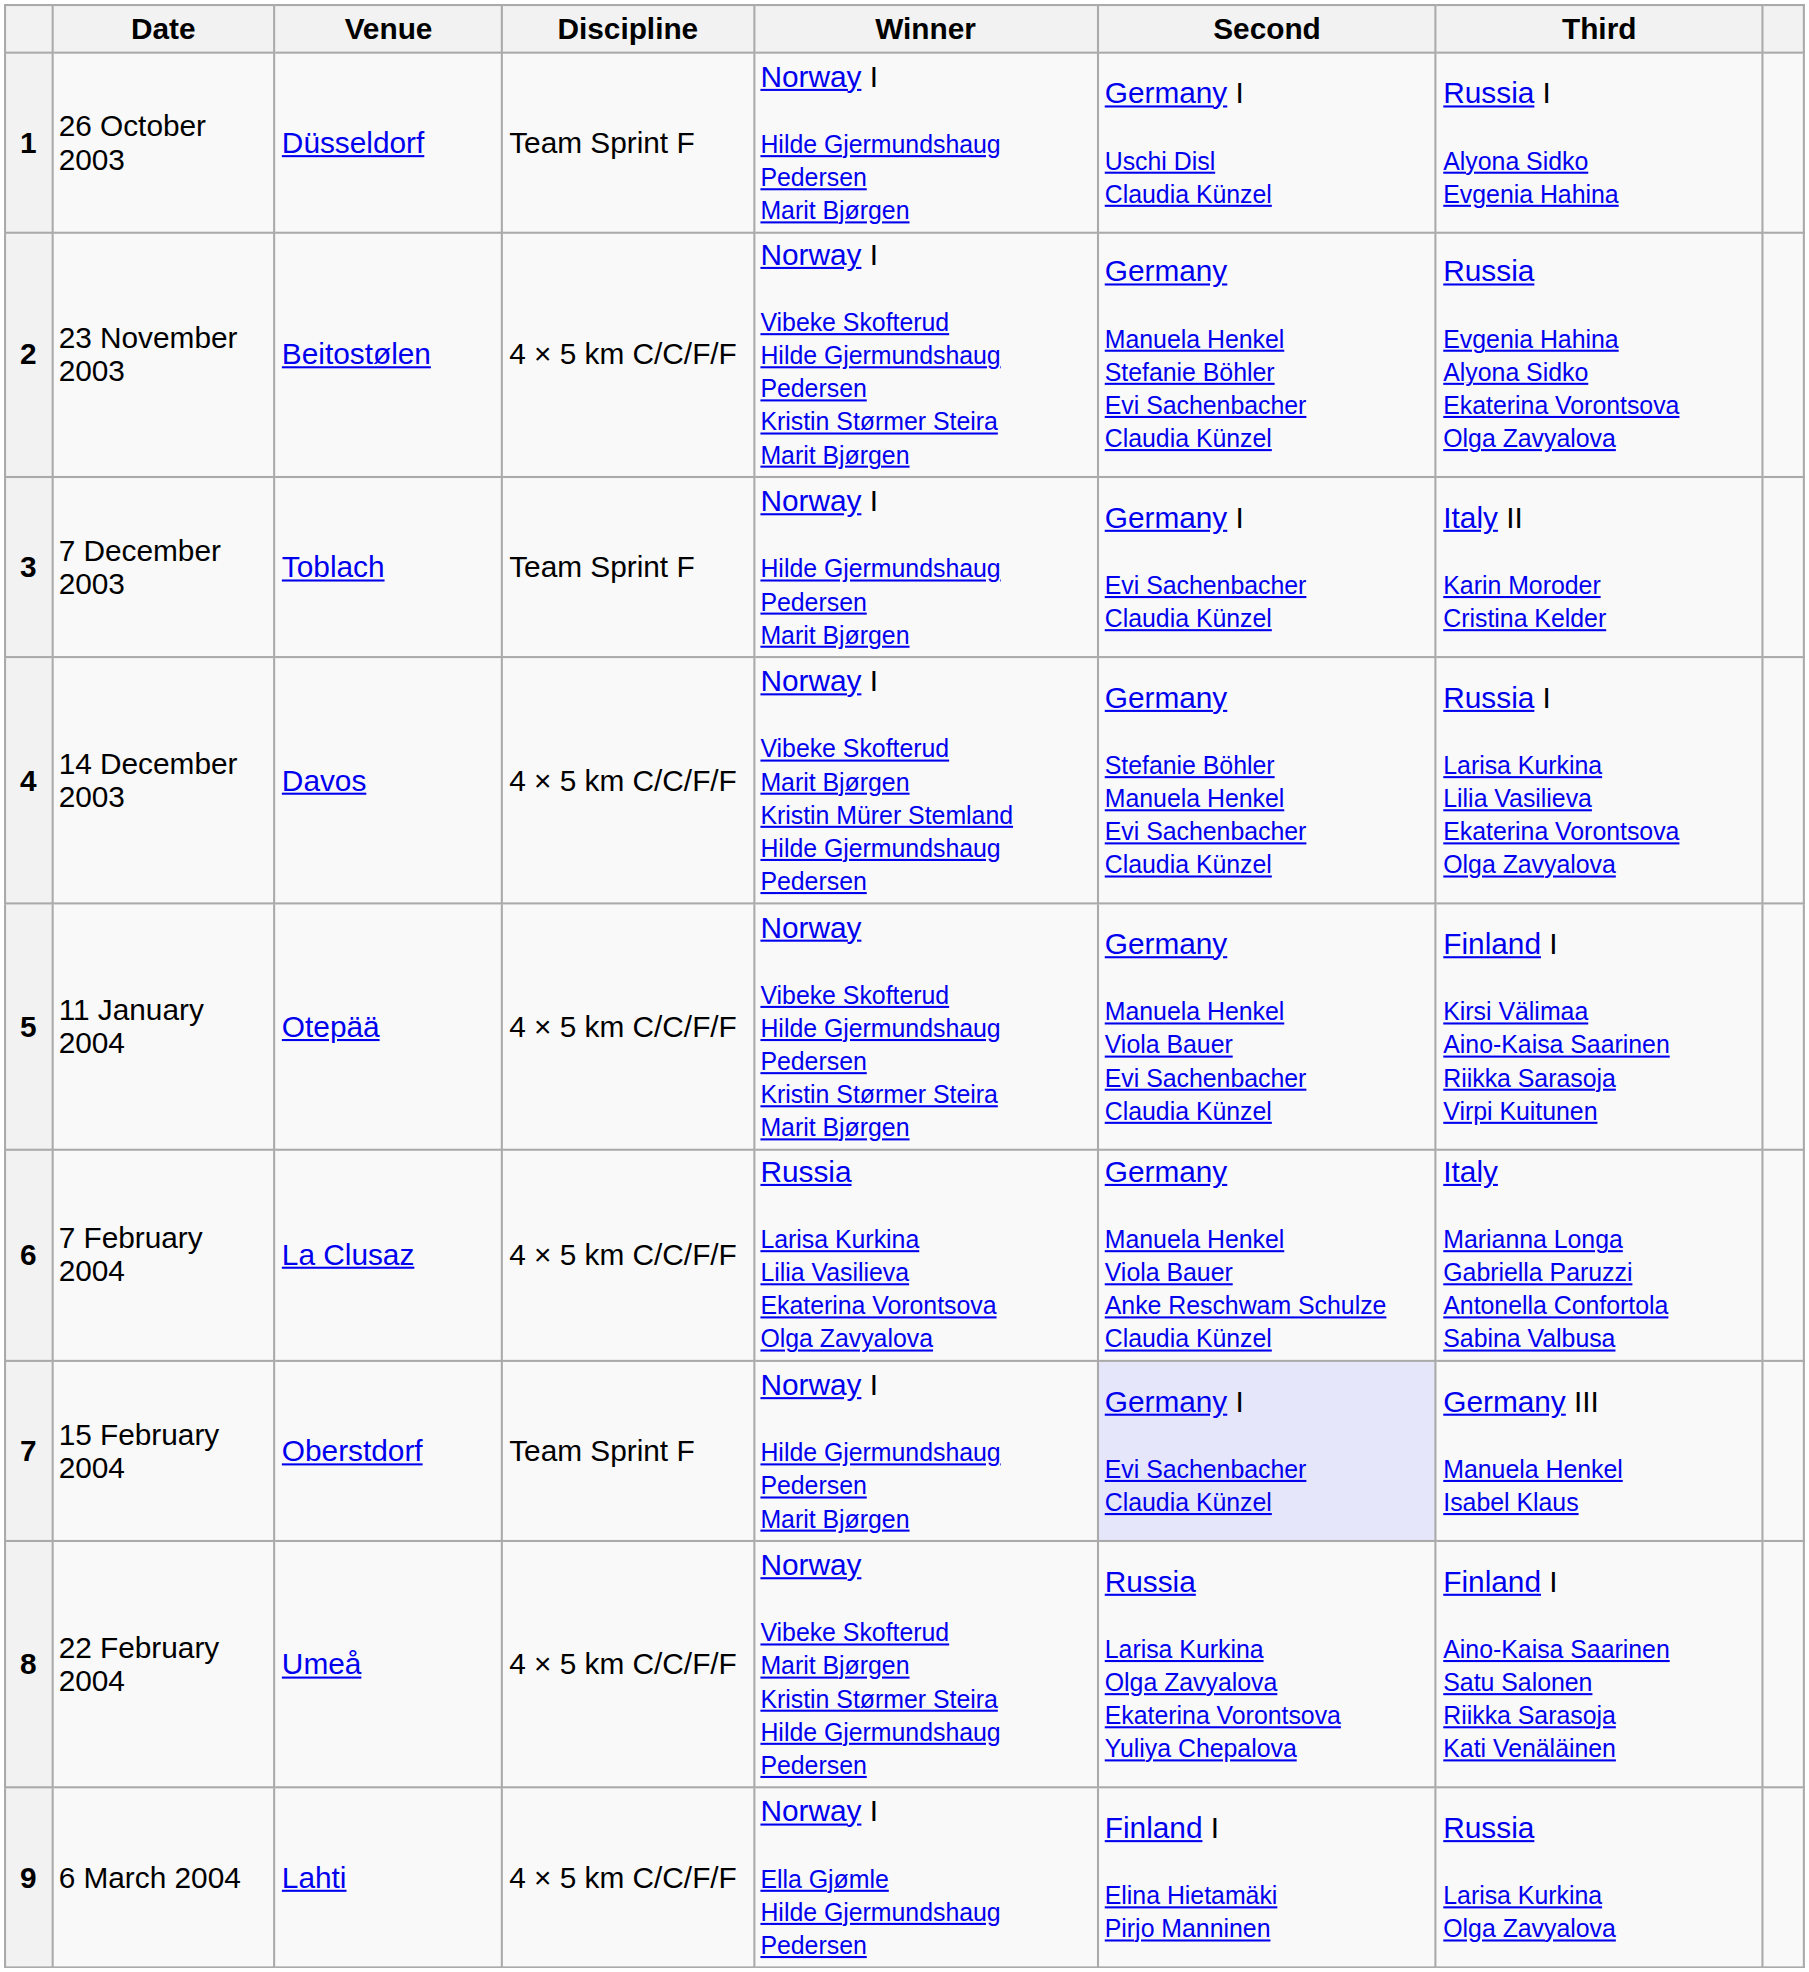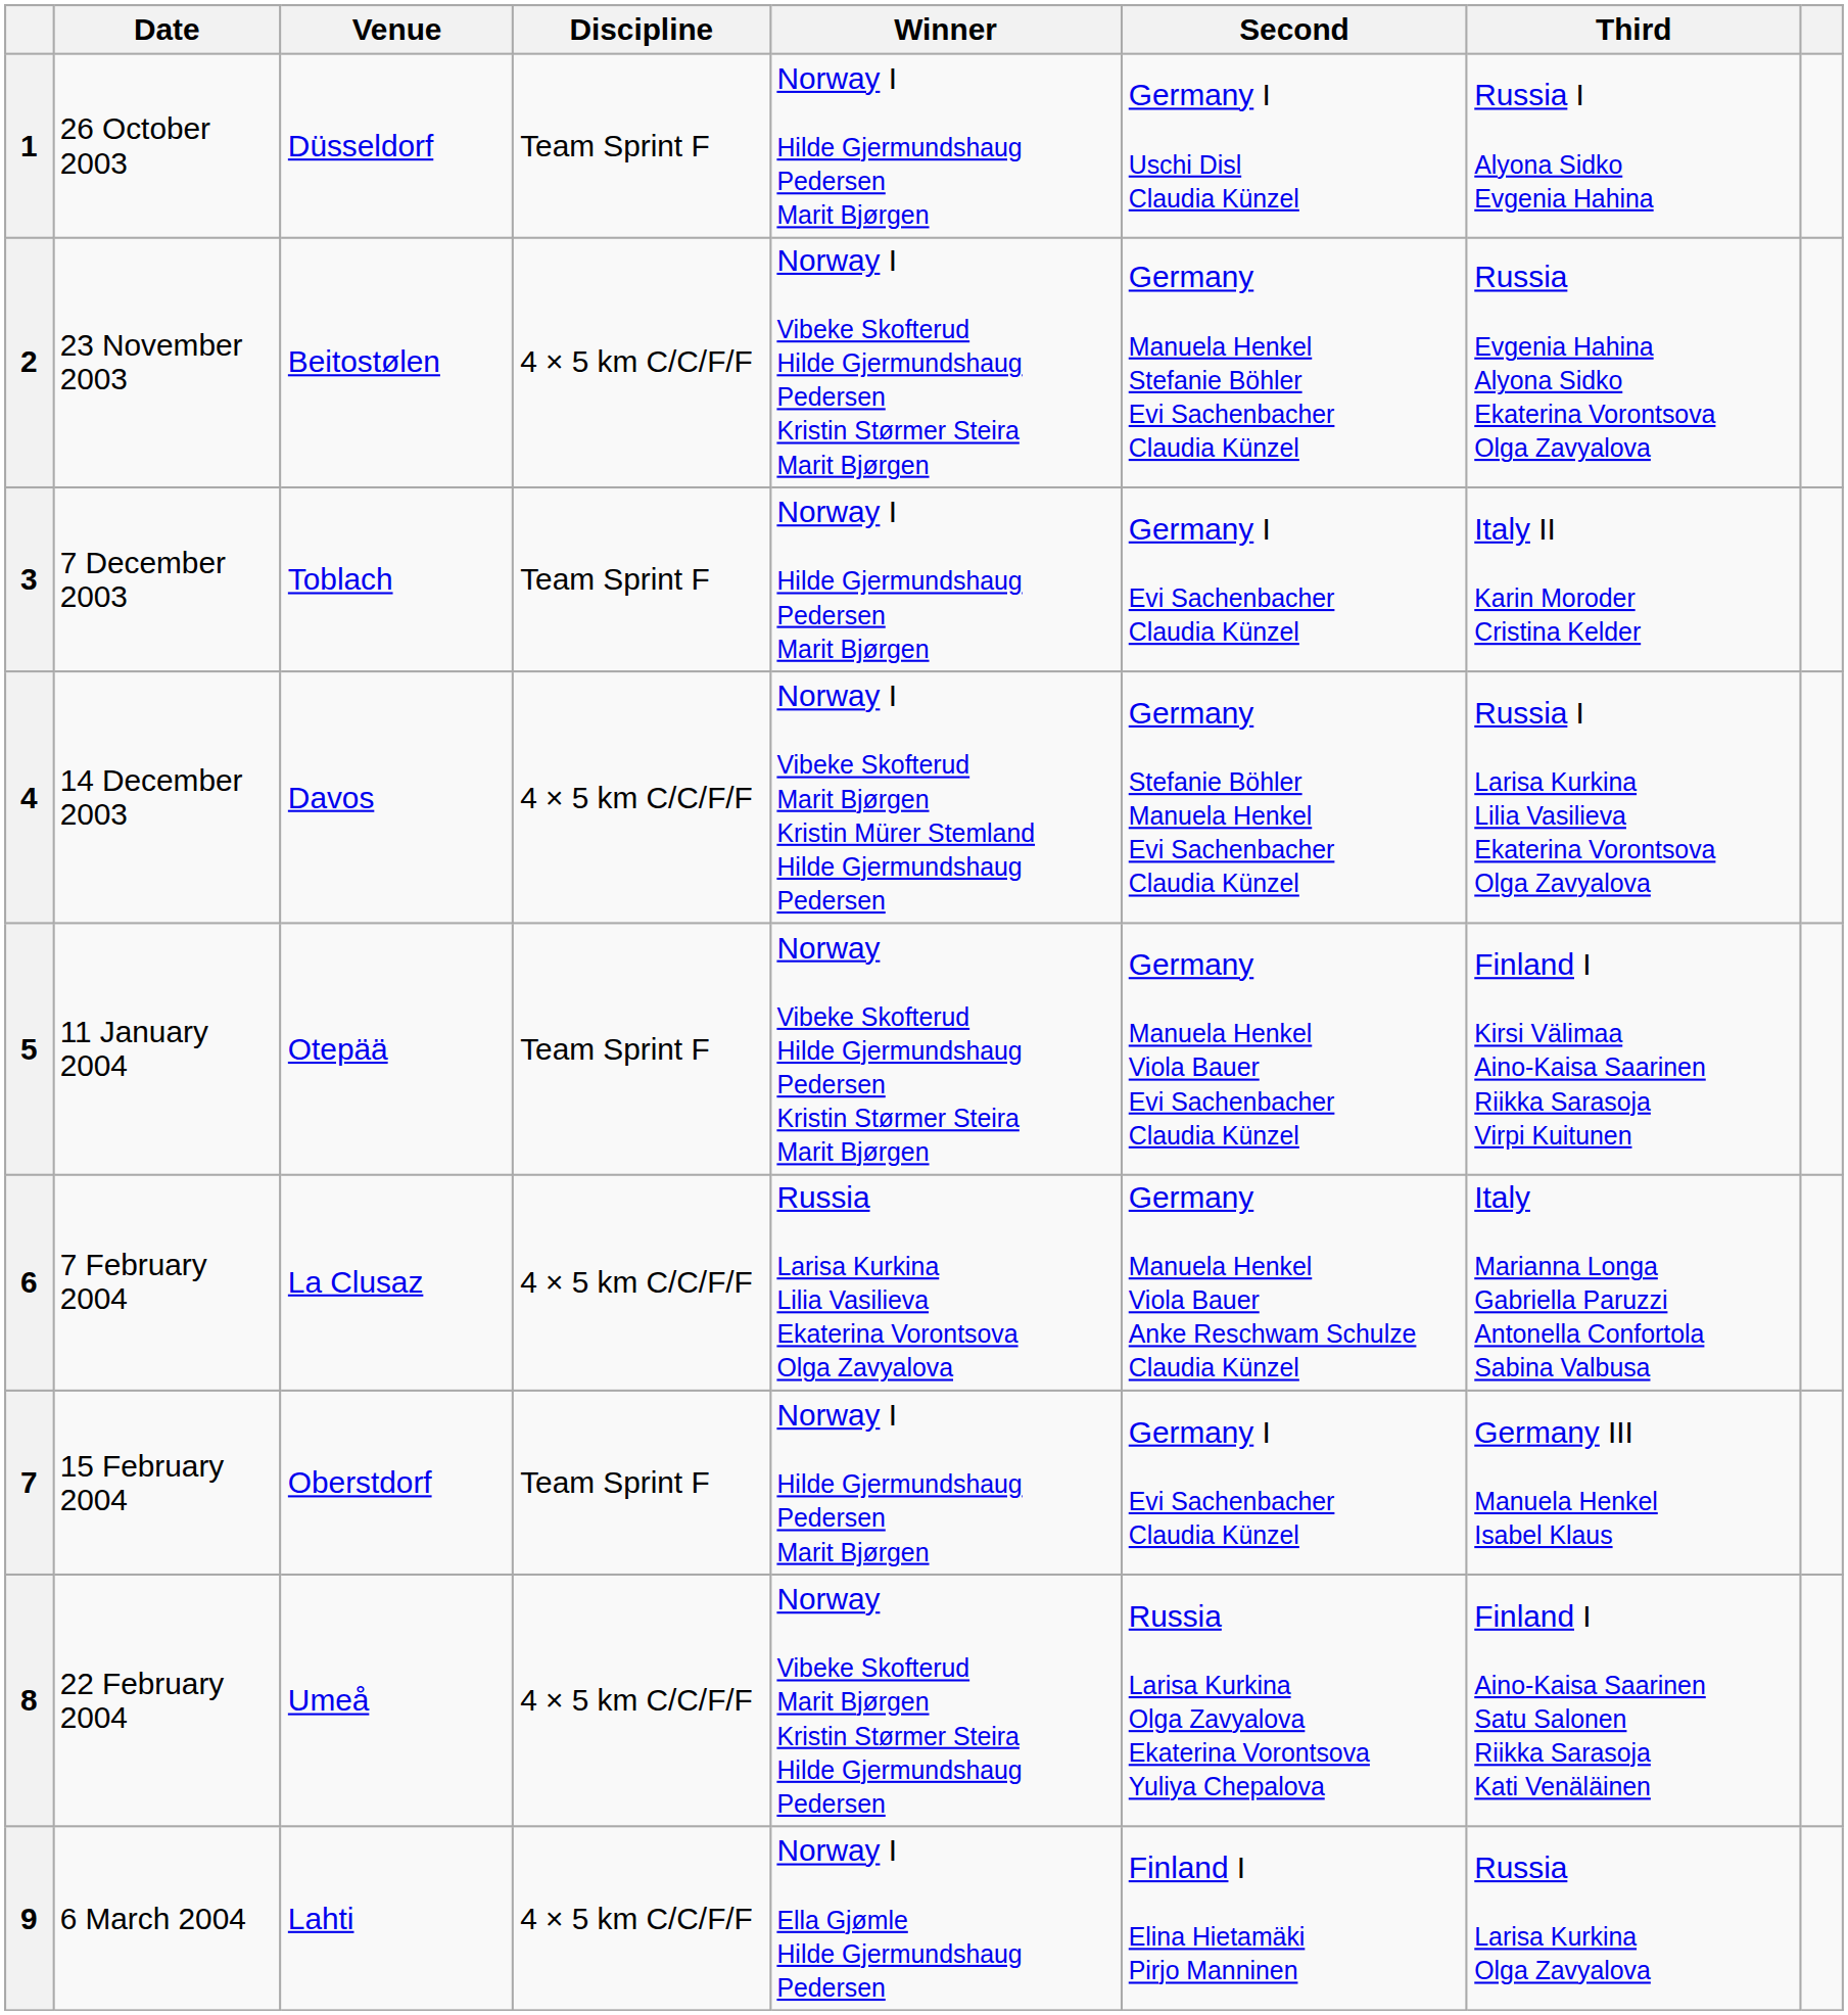 <table class="wikitable" style="font-size: 90%">
 <tr>
 <th width="20"></th>
 <th width="120">Date</th>
 <th width="120">Venue</th>
 <th width="140">Discipline</th>
 <th width="200">Winner</th>
 <th width="200">Second</th>
 <th width="200">Third</th>
 <th width="20"></th>
 </tr>
 <tr>
 <th>1</th>
 <td>26 October 2003</td>
 <td> <a href='#'>Düsseldorf</a></td>
 <td>Team Sprint F</td>
 <td> <a href='#'>Norway</a> I<br><br><small><a href='#'>Hilde Gjermundshaug Pedersen</a></small><br> <small><a href='#'>Marit Bjørgen</a></small></td>
 <td> <a href='#'>Germany</a> I<br><br><small><a href='#'>Uschi Disl</a></small><br> <small><a href='#'>Claudia Künzel</a></small></td>
 <td> <a href='#'>Russia</a> I<br><br><small><a href='#'>Alyona Sidko</a></small><br> <small><a href='#'>Evgenia Hahina</a></small></td>
 <td></td>
 </tr>
 <tr>
 <th>2</th>
 <td>23 November 2003</td>
 <td> <a href='#'>Beitostølen</a></td>
 <td>4 × 5 km C/C/F/F</td>
 <td> <a href='#'>Norway</a> I<br><br><small><a href='#'>Vibeke Skofterud</a></small><br> <small><a href='#'>Hilde Gjermundshaug Pedersen</a></small><br> <small><a href='#'>Kristin Størmer Steira</a></small><br> <small><a href='#'>Marit Bjørgen</a></small></td>
 <td> <a href='#'>Germany</a><br><br><small><a href='#'>Manuela Henkel</a></small><br> <small><a href='#'>Stefanie Böhler</a></small><br> <small><a href='#'>Evi Sachenbacher</a></small><br> <small><a href='#'>Claudia Künzel</a></small></td>
 <td> <a href='#'>Russia</a><br><br><small><a href='#'>Evgenia Hahina</a></small><br> <small><a href='#'>Alyona Sidko</a></small><br> <small><a href='#'>Ekaterina Vorontsova</a></small><br> <small><a href='#'>Olga Zavyalova</a></small></td>
 <td></td>
 </tr>
 <tr>
 <th>3</th>
 <td>7 December 2003</td>
 <td> <a href='#'>Toblach</a></td>
 <td>Team Sprint F</td>
 <td> <a href='#'>Norway</a> I<br><br><small><a href='#'>Hilde Gjermundshaug Pedersen</a></small><br> <small><a href='#'>Marit Bjørgen</a></small></td>
 <td> <a href='#'>Germany</a> I<br><br><small><a href='#'>Evi Sachenbacher</a></small><br> <small><a href='#'>Claudia Künzel</a></small></td>
 <td> <a href='#'>Italy</a> II<br><br><small><a href='#'>Karin Moroder</a></small><br> <small><a href='#'>Cristina Kelder</a></small></td>
 <td></td>
 </tr>
 <tr>
 <th>4</th>
 <td>14 December 2003</td>
 <td> <a href='#'>Davos</a></td>
 <td>4 × 5 km C/C/F/F</td>
 <td> <a href='#'>Norway</a> I<br><br><small><a href='#'>Vibeke Skofterud</a></small><br> <small><a href='#'>Marit Bjørgen</a></small><br> <small><a href='#'>Kristin Mürer Stemland</a></small><br> <small><a href='#'>Hilde Gjermundshaug Pedersen</a></small><br></td>
 <td> <a href='#'>Germany</a><br><br><small><a href='#'>Stefanie Böhler</a></small><br> <small><a href='#'>Manuela Henkel</a></small><br> <small><a href='#'>Evi Sachenbacher</a></small><br> <small><a href='#'>Claudia Künzel</a></small></td>
 <td> <a href='#'>Russia</a> I<br><br><small><a href='#'>Larisa Kurkina</a></small><br> <small><a href='#'>Lilia Vasilieva</a></small><br> <small><a href='#'>Ekaterina Vorontsova</a></small><br> <small><a href='#'>Olga Zavyalova</a></small></td>
 <td></td>
 </tr>
 <tr>
 <th>5</th>
 <td>11 January 2004</td>
 <td> <a href='#'>Otepää</a></td>
-<td>4 × 5 km C/C/F/F</td>
+<td>Team Sprint F</td>
 <td> <a href='#'>Norway</a> <br><br><small><a href='#'>Vibeke Skofterud</a></small><br> <small><a href='#'>Hilde Gjermundshaug Pedersen</a></small><br> <small><a href='#'>Kristin Størmer Steira</a></small><br> <small><a href='#'>Marit Bjørgen</a></small></td>
 <td> <a href='#'>Germany</a><br><br><small><a href='#'>Manuela Henkel</a></small><br> <small><a href='#'>Viola Bauer</a></small><br> <small><a href='#'>Evi Sachenbacher</a></small><br> <small><a href='#'>Claudia Künzel</a></small></td>
 <td> <a href='#'>Finland</a> I<br><br><small><a href='#'>Kirsi Välimaa</a></small><br> <small><a href='#'>Aino-Kaisa Saarinen</a></small><br> <small><a href='#'>Riikka Sarasoja</a></small><br> <small><a href='#'>Virpi Kuitunen</a></small></td>
 <td></td>
 </tr>
 <tr>
 <th>6</th>
 <td>7 February 2004</td>
 <td> <a href='#'>La Clusaz</a></td>
 <td>4 × 5 km C/C/F/F</td>
 <td> <a href='#'>Russia</a><br><br><small><a href='#'>Larisa Kurkina</a></small><br> <small><a href='#'>Lilia Vasilieva</a></small><br> <small><a href='#'>Ekaterina Vorontsova</a></small><br> <small><a href='#'>Olga Zavyalova</a></small></td>
 <td> <a href='#'>Germany</a><br><br><small><a href='#'>Manuela Henkel</a></small><br> <small><a href='#'>Viola Bauer</a></small><br> <small><a href='#'>Anke Reschwam Schulze</a></small><br> <small><a href='#'>Claudia Künzel</a></small></td>
 <td> <a href='#'>Italy</a> <br><br><small><a href='#'>Marianna Longa</a></small><br> <small><a href='#'>Gabriella Paruzzi</a></small><br> <small><a href='#'>Antonella Confortola</a></small><br> <small><a href='#'>Sabina Valbusa</a></small></td>
 <td></td>
 </tr>
 <tr>
 <th>7</th>
 <td>15 February 2004</td>
 <td> <a href='#'>Oberstdorf</a></td>
 <td>Team Sprint F</td>
 <td> <a href='#'>Norway</a> I<br><br><small><a href='#'>Hilde Gjermundshaug Pedersen</a></small><br> <small><a href='#'>Marit Bjørgen</a></small></td>
-<td style="background: lavender;"> <a href='#'>Germany</a> I<br><br><small><a href='#'>Evi Sachenbacher</a></small><br> <small><a href='#'>Claudia Künzel</a></small></td>
+<td> <a href='#'>Germany</a> I<br><br><small><a href='#'>Evi Sachenbacher</a></small><br> <small><a href='#'>Claudia Künzel</a></small></td>
 <td> <a href='#'>Germany</a> III<br><br><small><a href='#'>Manuela Henkel</a></small><br> <small><a href='#'>Isabel Klaus</a></small></td>
 <td></td>
 </tr>
 <tr>
 <th>8</th>
 <td>22 February 2004</td>
 <td> <a href='#'>Umeå</a></td>
 <td>4 × 5 km C/C/F/F</td>
 <td> <a href='#'>Norway</a> <br><br><small><a href='#'>Vibeke Skofterud</a></small><br> <small><a href='#'>Marit Bjørgen</a></small><br> <small><a href='#'>Kristin Størmer Steira</a></small><br> <small><a href='#'>Hilde Gjermundshaug Pedersen</a></small></td>
 <td> <a href='#'>Russia</a><br><br><small><a href='#'>Larisa Kurkina</a></small><br> <small><a href='#'>Olga Zavyalova</a></small><br> <small><a href='#'>Ekaterina Vorontsova</a></small><br> <small><a href='#'>Yuliya Chepalova</a></small></td>
 <td> <a href='#'>Finland</a> I<br><br><small><a href='#'>Aino-Kaisa Saarinen</a></small><br> <small><a href='#'>Satu Salonen</a></small><br> <small><a href='#'>Riikka Sarasoja</a></small><br> <small><a href='#'>Kati Venäläinen</a></small></td>
 <td></td>
 </tr>
 <tr>
 <th>9</th>
 <td>6 March 2004</td>
 <td> <a href='#'>Lahti</a></td>
 <td>4 × 5 km C/C/F/F</td>
 <td> <a href='#'>Norway</a> I<br><br><small><a href='#'>Ella Gjømle</a></small><br> <small><a href='#'>Hilde Gjermundshaug Pedersen</a></small></td>
 <td> <a href='#'>Finland</a> I<br><br><small><a href='#'>Elina Hietamäki</a></small><br> <small><a href='#'>Pirjo Manninen</a></small></td>
 <td> <a href='#'>Russia</a><br><br><small><a href='#'>Larisa Kurkina</a></small><br> <small><a href='#'>Olga Zavyalova</a></small></td>
 <td></td>
 </tr>
 </table>
